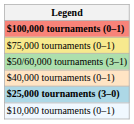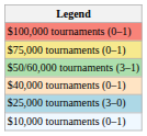 <table class="wikitable" style="font-size:85%">
 <tr>
 <th>Legend</th>
 </tr>
 <tr style="background:#f88379;">
-<td><strong>$100,000 tournaments (0–1)</strong></td>
+<td>$100,000 tournaments (0–1)</td>
 </tr>
 <tr style="background:#f7e98e;">
 <td>$75,000 tournaments (0–1)</td>
 </tr>
 <tr style="background:#addfad;">
 <td>$50/60,000 tournaments (3–1)</td>
 </tr>
 <tr style="background:#ffe4c4;">
 <td>$40,000 tournaments (0–1)</td>
 </tr>
 <tr style="background:lightblue;">
-<td><strong>$25,000 tournaments (3–0)</strong></td>
+<td>$25,000 tournaments (3–0)</td>
 </tr>
 <tr style="background:#f0f8ff;">
 <td>$10,000 tournaments (0–1)</td>
 </tr>
 </table>
